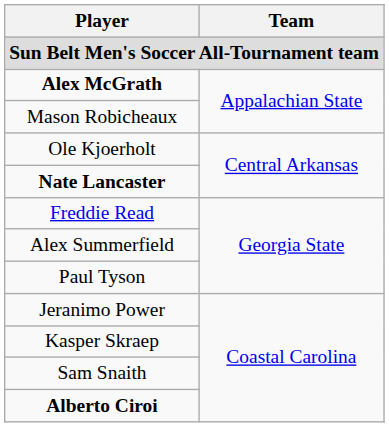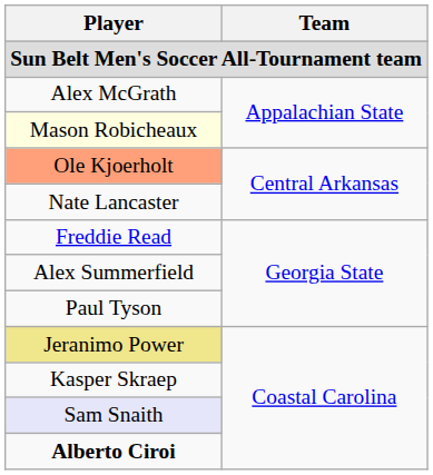 <table class="wikitable" style="white-space:nowrap; font-size:90%; text-align: center;">
 <tr>
 <th>Player</th>
 <th>Team</th>
 </tr>
 <tr>
 <td colspan="2" style="text-align:center; background:#ddd;"><strong>Sun Belt Men's Soccer All-Tournament team</strong></td>
 </tr>
 <tr>
-<td><strong>Alex McGrath</strong></td>
+<td>Alex McGrath</td>
 <td rowspan="2"><a href='#'>Appalachian State</a></td>
 </tr>
 <tr>
-<td>Mason Robicheaux</td>
+<td style="background: lightyellow;">Mason Robicheaux</td>
 </tr>
 <tr>
-<td>Ole Kjoerholt</td>
+<td style="background: lightsalmon;">Ole Kjoerholt</td>
 <td rowspan="2"><a href='#'>Central Arkansas</a></td>
 </tr>
 <tr>
-<td><strong>Nate Lancaster</strong></td>
+<td>Nate Lancaster</td>
 </tr>
 <tr>
 <td><a href='#'>Freddie Read</a></td>
 <td rowspan=3><a href='#'>Georgia State</a></td>
 </tr>
 <tr>
 <td>Alex Summerfield</td>
 </tr>
 <tr>
 <td>Paul Tyson</td>
 </tr>
 <tr>
-<td>Jeranimo Power</td>
+<td style="background: khaki;">Jeranimo Power</td>
 <td rowspan="4"><a href='#'>Coastal Carolina</a></td>
 </tr>
 <tr>
 <td>Kasper Skraep</td>
 </tr>
 <tr>
-<td>Sam Snaith</td>
+<td style="background: lavender;">Sam Snaith</td>
 </tr>
 <tr>
 <td><strong>Alberto Ciroi</strong></td>
 </tr>
 </table>
